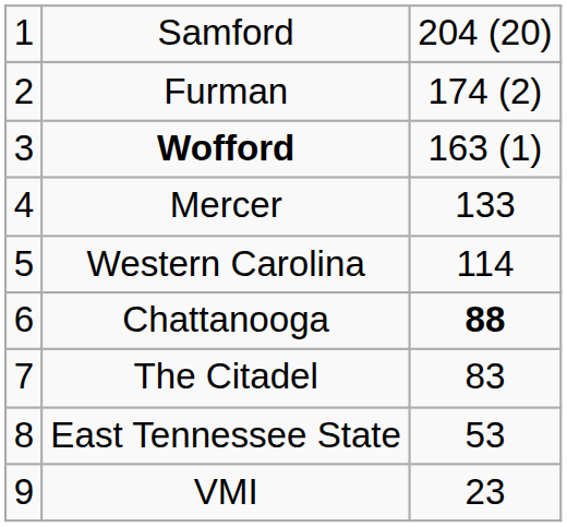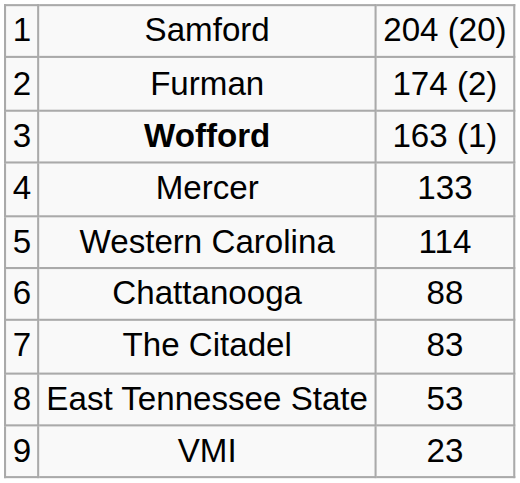 <table class="wikitable" style="display: inline-table;">
 <tr align="center">
 <td>1</td>
 <td>Samford</td>
 <td>204 (20)</td>
 </tr>
 <tr align="center">
 <td>2</td>
 <td>Furman</td>
 <td>174 (2)</td>
 </tr>
 <tr align="center">
 <td>3</td>
 <td><strong>Wofford</strong></td>
 <td>163 (1)</td>
 </tr>
 <tr align="center">
 <td>4</td>
 <td>Mercer</td>
 <td>133</td>
 </tr>
 <tr align="center">
 <td>5</td>
 <td>Western Carolina</td>
 <td>114</td>
 </tr>
 <tr align="center">
 <td>6</td>
 <td>Chattanooga</td>
-<td><strong>88</strong></td>
+<td>88</td>
 </tr>
 <tr align="center">
 <td>7</td>
 <td>The Citadel</td>
 <td>83</td>
 </tr>
 <tr align="center">
 <td>8</td>
 <td>East Tennessee State</td>
 <td>53</td>
 </tr>
 <tr align="center">
 <td>9</td>
 <td>VMI</td>
 <td>23</td>
 </tr>
 </table>
